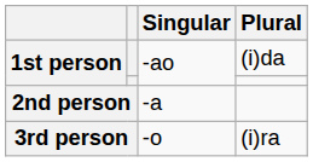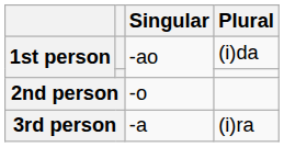 <table class="wikitable">
 <tr>
 <th></th>
 <th></th>
 <th>Singular</th>
 <th>Plural</th>
 </tr>
 <tr>
 <th rowspan="2">1st person</th>
 <th></th>
 <td rowspan="2">-ao</td>
 <td>(i)da</td>
 </tr>
 <tr>
 <th></th>
 <td></td>
 </tr>
 <tr>
 <th colspan="2">2nd person</th>
-<td>-a</td>
+<td>-o</td>
 <td></td>
 </tr>
 <tr>
 <th colspan="2">3rd person</th>
-<td>-o</td>
+<td>-a</td>
 <td>(i)ra</td>
 </tr>
 </table>
